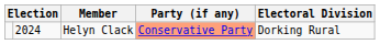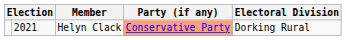 <table class="wikitable">
 <tr>
 <th colspan="2">Election</th>
 <th>Member</th>
 <th>Party (if any)</th>
 <th>Electoral Division</th>
 </tr>
 <tr>
 <td style="background-color: "></td>
-<td>2024</td>
+<td>2021</td>
 <td>Helyn Clack</td>
 <td style="background: lightsalmon;"><a href='#'>Conservative Party</a></td>
 <td>Dorking Rural</td>
 </tr>
 </table>
